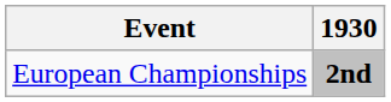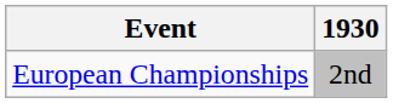 <table class="wikitable">
 <tr>
 <th>Event</th>
 <th>1930</th>
 </tr>
 <tr>
 <td><a href='#'>European Championships</a></td>
-<td align="center" bgcolor="silver"><strong>2nd</strong></td>
+<td align="center" bgcolor="silver">2nd</td>
 </tr>
 </table>
